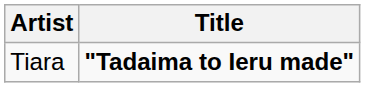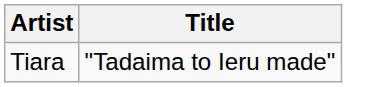 <table class="wikitable">
 <tr>
 <th>Artist</th>
 <th>Title</th>
 </tr>
 <tr>
 <td>Tiara</td>
-<td><strong>"Tadaima to Ieru made"</strong></td>
+<td>"Tadaima to Ieru made"</td>
 </tr>
 </table>
